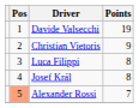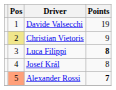 <table class="wikitable" style="font-size:85%;">
 <tr>
 <th></th>
 <th>Pos</th>
 <th>Driver</th>
 <th>Points</th>
 </tr>
 <tr>
 <td align="left"></td>
 <td align="center">1</td>
 <td> <a href='#'>Davide Valsecchi</a></td>
 <td align="right">19</td>
 </tr>
 <tr>
 <td align="left"></td>
-<td align="center">2</td>
+<td align="center" style="background: khaki;">2</td>
 <td> <a href='#'>Christian Vietoris</a></td>
 <td align="right">9</td>
 </tr>
 <tr>
 <td align="left"></td>
 <td align="center">3</td>
 <td> <a href='#'>Luca Filippi</a></td>
-<td align="right">8</td>
+<td align="right"><strong>8</strong></td>
 </tr>
 <tr>
 <td align="left"></td>
 <td align="center">4</td>
 <td> <a href='#'>Josef Král</a></td>
 <td align="right">8</td>
 </tr>
 <tr>
 <td align="left"></td>
 <td align="center" style="background: lightsalmon;">5</td>
 <td> <a href='#'>Alexander Rossi</a></td>
-<td align="right">7</td>
+<td align="right"><strong>7</strong></td>
 </tr>
 <tr>
 </tr>
 </table>
